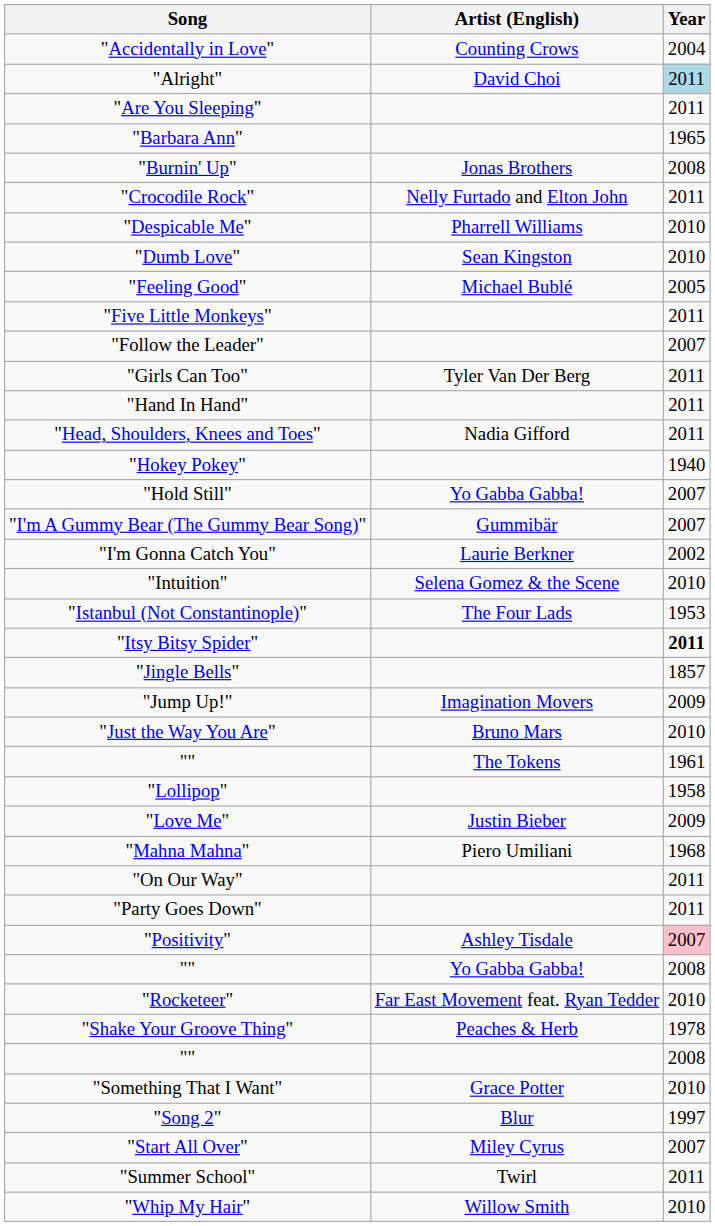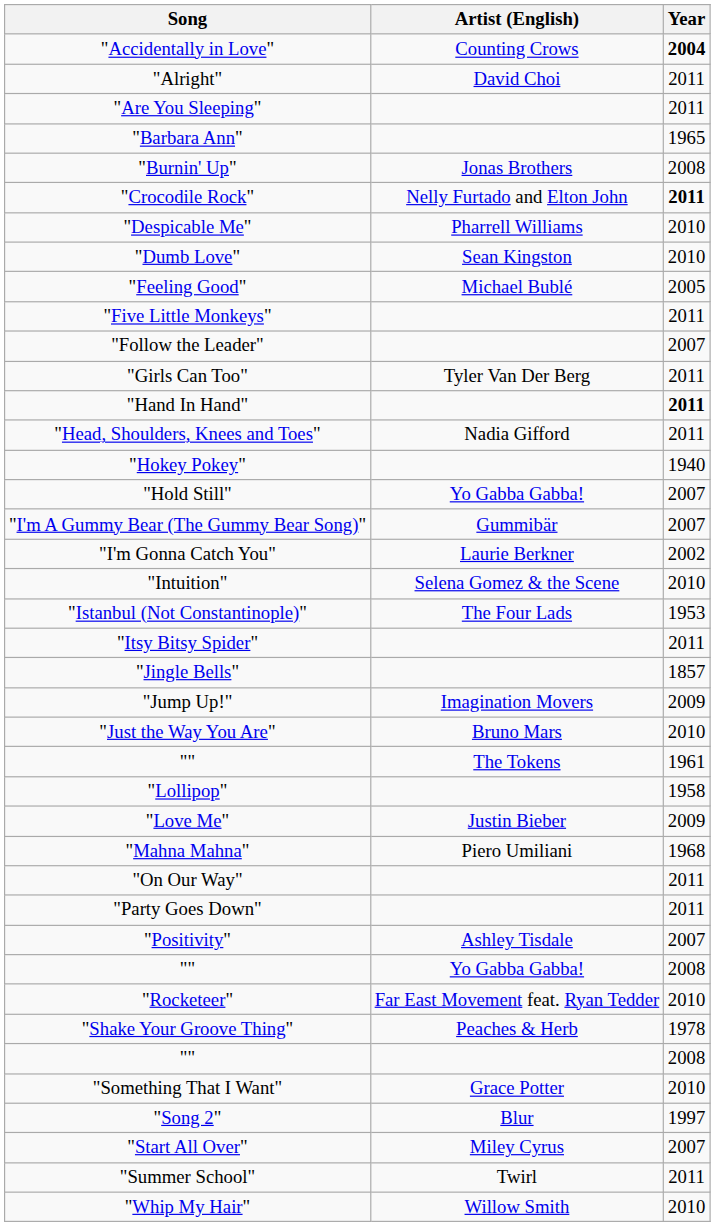 <table class="wikitable sortable" style="text-align: center">
 <tr>
 <th scope="col">Song</th>
 <th scope="col">Artist (English)</th>
 <th scope="col">Year</th>
 </tr>
 <tr>
 <td>"<a href='#'>Accidentally in Love</a>"</td>
 <td><a href='#'>Counting Crows</a></td>
-<td>2004</td>
+<td><strong>2004</strong></td>
 </tr>
 <tr>
 <td>"Alright"</td>
 <td><a href='#'>David Choi</a></td>
-<td style="background: lightblue;">2011</td>
+<td>2011</td>
 </tr>
 <tr>
 <td>"<a href='#'>Are You Sleeping</a>"</td>
 <td></td>
 <td>2011</td>
 </tr>
 <tr>
 <td>"<a href='#'>Barbara Ann</a>"</td>
 <td></td>
 <td>1965</td>
 </tr>
 <tr>
 <td>"<a href='#'>Burnin' Up</a>"</td>
 <td><a href='#'>Jonas Brothers</a></td>
 <td>2008</td>
 </tr>
 <tr>
 <td>"<a href='#'>Crocodile Rock</a>"</td>
 <td><a href='#'>Nelly Furtado</a> and <a href='#'>Elton John</a></td>
-<td>2011</td>
+<td><strong>2011</strong></td>
 </tr>
 <tr>
 <td>"<a href='#'>Despicable Me</a>"</td>
 <td><a href='#'>Pharrell Williams</a></td>
 <td>2010</td>
 </tr>
 <tr>
 <td>"<a href='#'>Dumb Love</a>"</td>
 <td><a href='#'>Sean Kingston</a></td>
 <td>2010</td>
 </tr>
 <tr>
 <td>"<a href='#'>Feeling Good</a>"</td>
 <td><a href='#'>Michael Bublé</a></td>
 <td>2005</td>
 </tr>
 <tr>
 <td>"<a href='#'>Five Little Monkeys</a>"</td>
 <td></td>
 <td>2011</td>
 </tr>
 <tr>
 <td>"Follow the Leader"</td>
 <td></td>
 <td>2007</td>
 </tr>
 <tr>
 <td>"Girls Can Too"</td>
 <td>Tyler Van Der Berg</td>
 <td>2011</td>
 </tr>
 <tr>
 <td>"Hand In Hand"</td>
 <td></td>
-<td>2011</td>
+<td><strong>2011</strong></td>
 </tr>
 <tr>
 <td>"<a href='#'>Head, Shoulders, Knees and Toes</a>"</td>
 <td>Nadia Gifford</td>
 <td>2011</td>
 </tr>
 <tr>
 <td>"<a href='#'>Hokey Pokey</a>"</td>
 <td></td>
 <td>1940</td>
 </tr>
 <tr>
 <td>"Hold Still"</td>
 <td><a href='#'>Yo Gabba Gabba!</a></td>
 <td>2007</td>
 </tr>
 <tr>
 <td>"<a href='#'>I'm A Gummy Bear (The Gummy Bear Song)</a>"</td>
 <td><a href='#'>Gummibär</a></td>
 <td>2007</td>
 </tr>
 <tr>
 <td>"I'm Gonna Catch You"</td>
 <td><a href='#'>Laurie Berkner</a></td>
 <td>2002</td>
 </tr>
 <tr>
 <td>"Intuition"</td>
 <td><a href='#'>Selena Gomez & the Scene</a></td>
 <td>2010</td>
 </tr>
 <tr>
 <td>"<a href='#'>Istanbul (Not Constantinople)</a>"</td>
 <td><a href='#'>The Four Lads</a></td>
 <td>1953</td>
 </tr>
 <tr>
 <td>"<a href='#'>Itsy Bitsy Spider</a>"</td>
 <td></td>
-<td><strong>2011</strong></td>
+<td>2011</td>
 </tr>
 <tr>
 <td>"<a href='#'>Jingle Bells</a>"</td>
 <td></td>
 <td>1857</td>
 </tr>
 <tr>
 <td>"Jump Up!"</td>
 <td><a href='#'>Imagination Movers</a></td>
 <td>2009</td>
 </tr>
 <tr>
 <td>"<a href='#'>Just the Way You Are</a>"</td>
 <td><a href='#'>Bruno Mars</a></td>
 <td>2010</td>
 </tr>
 <tr>
 <td>""</td>
 <td><a href='#'>The Tokens</a></td>
 <td>1961</td>
 </tr>
 <tr>
 <td>"<a href='#'>Lollipop</a>"</td>
 <td></td>
 <td>1958</td>
 </tr>
 <tr>
 <td>"<a href='#'>Love Me</a>"</td>
 <td><a href='#'>Justin Bieber</a></td>
 <td>2009</td>
 </tr>
 <tr>
 <td>"<a href='#'>Mahna Mahna</a>"</td>
 <td>Piero Umiliani</td>
 <td>1968</td>
 </tr>
 <tr>
 <td>"On Our Way"</td>
 <td></td>
 <td>2011</td>
 </tr>
 <tr>
 <td>"Party Goes Down"</td>
 <td></td>
 <td>2011</td>
 </tr>
 <tr>
 <td>"<a href='#'>Positivity</a>"</td>
 <td><a href='#'>Ashley Tisdale</a></td>
-<td style="background: pink;">2007</td>
+<td>2007</td>
 </tr>
 <tr>
 <td>""</td>
 <td><a href='#'>Yo Gabba Gabba!</a></td>
 <td>2008</td>
 </tr>
 <tr>
 <td>"<a href='#'>Rocketeer</a>"</td>
 <td><a href='#'>Far East Movement</a> feat. <a href='#'>Ryan Tedder</a></td>
 <td>2010</td>
 </tr>
 <tr>
 <td>"<a href='#'>Shake Your Groove Thing</a>"</td>
 <td><a href='#'>Peaches & Herb</a></td>
 <td>1978</td>
 </tr>
 <tr>
 <td>""</td>
 <td></td>
 <td>2008</td>
 </tr>
 <tr>
 <td>"Something That I Want"</td>
 <td><a href='#'>Grace Potter</a></td>
 <td>2010</td>
 </tr>
 <tr>
 <td>"<a href='#'>Song 2</a>"</td>
 <td><a href='#'>Blur</a></td>
 <td>1997</td>
 </tr>
 <tr>
 <td>"<a href='#'>Start All Over</a>"</td>
 <td><a href='#'>Miley Cyrus</a></td>
 <td>2007</td>
 </tr>
 <tr>
 <td>"Summer School"</td>
 <td>Twirl</td>
 <td>2011</td>
 </tr>
 <tr>
 <td>"<a href='#'>Whip My Hair</a>"</td>
 <td><a href='#'>Willow Smith</a></td>
 <td>2010</td>
 </tr>
 </table>
